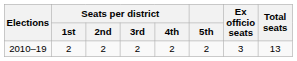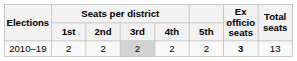 <table class="wikitable" style="text-align:center">
 <tr>
 <th rowspan="2">Elections</th>
 <th colspan="4">Seats per district</th>
 <th></th>
 <th rowspan="2" width="50px">Ex officio seats</th>
 <th rowspan="2" width="50px">Total seats</th>
 </tr>
 <tr>
 <th width="50px">1st</th>
 <th width="50px">2nd</th>
 <th width="50px">3rd</th>
 <th width="50px">4th</th>
 <th width="50px">5th</th>
 </tr>
 <tr>
 <td>2010–19</td>
 <td>2</td>
 <td>2</td>
+<td style="background: lightgrey;">2</td>
 <td>2</td>
 <td>2</td>
-<td>2</td>
-<td>3</td>
+<td><strong>3</strong></td>
 <td>13</td>
 </tr>
 </table>
